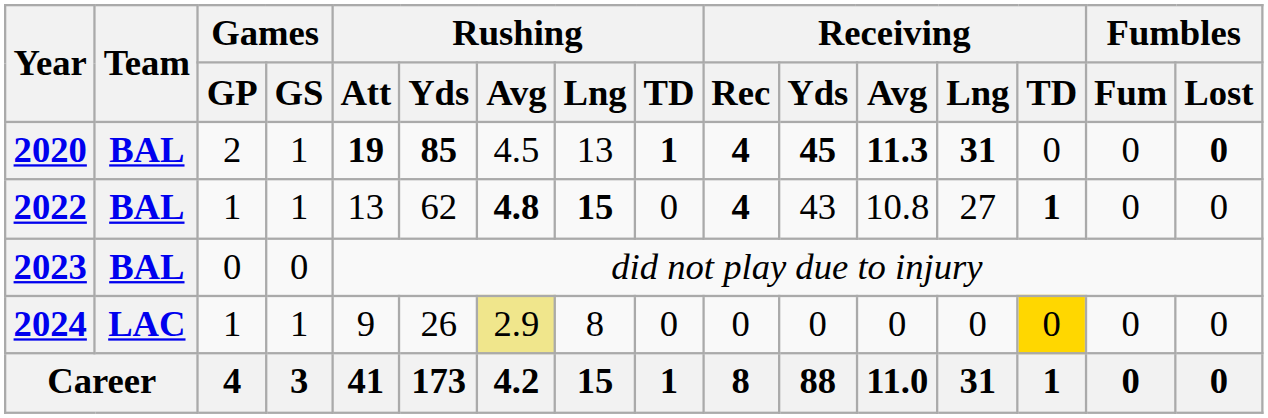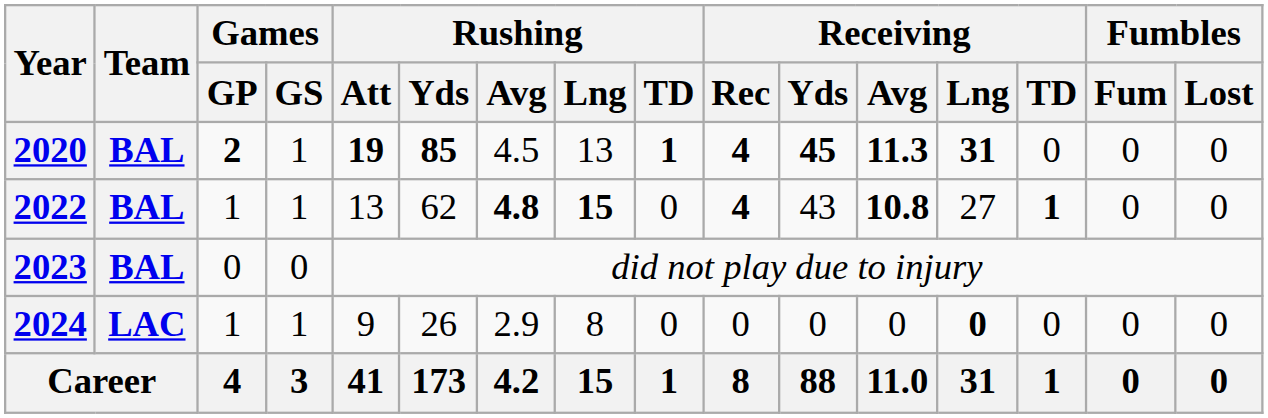 <table class="wikitable" style="text-align:center;">
 <tr>
 <th rowspan="2">Year</th>
 <th rowspan="2">Team</th>
 <th colspan="2">Games</th>
 <th colspan="5">Rushing</th>
 <th colspan="5">Receiving</th>
 <th colspan="2">Fumbles</th>
 </tr>
 <tr>
 <th>GP</th>
 <th>GS</th>
 <th>Att</th>
 <th>Yds</th>
 <th>Avg</th>
 <th>Lng</th>
 <th>TD</th>
 <th>Rec</th>
 <th>Yds</th>
 <th>Avg</th>
 <th>Lng</th>
 <th>TD</th>
 <th>Fum</th>
 <th>Lost</th>
 </tr>
 <tr>
 <th><a href='#'>2020</a></th>
 <th><a href='#'>BAL</a></th>
-<td>2</td>
+<td><strong>2</strong></td>
 <td>1</td>
 <td><strong>19</strong></td>
 <td><strong>85</strong></td>
 <td>4.5</td>
 <td>13</td>
 <td><strong>1</strong></td>
 <td><strong>4</strong></td>
 <td><strong>45</strong></td>
 <td><strong>11.3</strong></td>
 <td><strong>31</strong></td>
 <td>0</td>
 <td>0</td>
-<td><strong>0</strong></td>
+<td>0</td>
 </tr>
 <tr>
 <th><a href='#'>2022</a></th>
 <th><a href='#'>BAL</a></th>
 <td>1</td>
 <td>1</td>
 <td>13</td>
 <td>62</td>
 <td><strong>4.8</strong></td>
 <td><strong>15</strong></td>
 <td>0</td>
 <td><strong>4</strong></td>
 <td>43</td>
-<td>10.8</td>
+<td><strong>10.8</strong></td>
 <td>27</td>
 <td><strong>1</strong></td>
 <td>0</td>
 <td>0</td>
 </tr>
 <tr>
 <th><a href='#'>2023</a></th>
 <th><a href='#'>BAL</a></th>
 <td>0</td>
 <td>0</td>
 <td colspan="12"><em>did not play due to injury</em></td>
 </tr>
 <tr>
 <th><a href='#'>2024</a></th>
 <th><a href='#'>LAC</a></th>
 <td>1</td>
 <td>1</td>
 <td>9</td>
 <td>26</td>
-<td style="background: khaki;">2.9</td>
+<td>2.9</td>
 <td>8</td>
 <td>0</td>
 <td>0</td>
 <td>0</td>
 <td>0</td>
+<td><strong>0</strong></td>
 <td>0</td>
-<td style="background: gold;">0</td>
 <td>0</td>
 <td>0</td>
 </tr>
 <tr>
 <th colspan="2">Career</th>
 <th>4</th>
 <th>3</th>
 <th>41</th>
 <th>173</th>
 <th>4.2</th>
 <th>15</th>
 <th>1</th>
 <th>8</th>
 <th>88</th>
 <th>11.0</th>
 <th>31</th>
 <th>1</th>
 <th>0</th>
 <th>0</th>
 </tr>
 </table>
